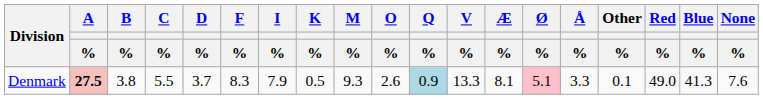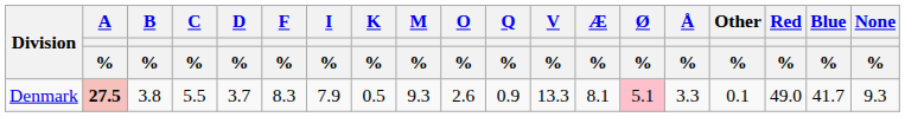 <table class="wikitable sortable" style="text-align:right; font-size:95%; line-height:20px;">
 <tr>
 <th rowspan="3">Division</th>
 <th width="30px" class="unsortable"><a href='#'>A</a></th>
 <th width="30px" class="unsortable"><a href='#'>B</a></th>
 <th width="30px" class="unsortable"><a href='#'>C</a></th>
 <th width="30px" class="unsortable"><a href='#'>D</a></th>
 <th width="30px" class="unsortable"><a href='#'>F</a></th>
 <th width="30px" class="unsortable"><a href='#'>I</a></th>
 <th width="30px" class="unsortable"><a href='#'>K</a></th>
 <th width="30px" class="unsortable"><a href='#'>M</a></th>
 <th width="30px" class="unsortable"><a href='#'>O</a></th>
 <th width="30px" class="unsortable"><a href='#'>Q</a></th>
 <th width="30px" class="unsortable"><a href='#'>V</a></th>
 <th width="30px" class="unsortable"><a href='#'>Æ</a></th>
 <th width="30px" class="unsortable"><a href='#'>Ø</a></th>
 <th width="30px" class="unsortable"><a href='#'>Å</a></th>
 <th width="30px" class="unsortable">Other</th>
 <th><a href='#'>Red</a></th>
 <th><a href='#'>Blue</a></th>
 <th><a href='#'>None</a></th>
 </tr>
 <tr>
 <th style="background:"></th>
 <th style="background:"></th>
 <th style="background:"></th>
 <th style="background:"></th>
 <th style="background:"></th>
 <th style="background:"></th>
 <th style="background:"></th>
 <th style="background:"></th>
 <th style="background:"></th>
 <th style="background:"></th>
 <th style="background:"></th>
 <th style="background:"></th>
 <th style="background:"></th>
 <th style="background:"></th>
 <th style="background:"></th>
 <th style="background:"></th>
 <th style="background:"></th>
 <th style="background:"></th>
 </tr>
 <tr>
 <th align="center" data-sort-type="number">%</th>
 <th align="center" data-sort-type="number">%</th>
 <th align="center" data-sort-type="number">%</th>
 <th align="center" data-sort-type="number">%</th>
 <th align="center" data-sort-type="number">%</th>
 <th align="center" data-sort-type="number">%</th>
 <th align="center" data-sort-type="number">%</th>
 <th align="center" data-sort-type="number">%</th>
 <th align="center" data-sort-type="number">%</th>
 <th align="center" data-sort-type="number">%</th>
 <th align="center" data-sort-type="number">%</th>
 <th align="center" data-sort-type="number">%</th>
 <th align="center" data-sort-type="number">%</th>
 <th align="center" data-sort-type="number">%</th>
 <th align="center" data-sort-type="number">%</th>
 <th align="center" data-sort-type="number">%</th>
 <th align="center" data-sort-type="number">%</th>
 <th align="center" data-sort-type="number">%</th>
 </tr>
 <tr>
 <td align="left"><a href='#'>Denmark</a></td>
 <td align="center" bgcolor=#f7c0bc><strong>27.5</strong></td>
 <td align="center">3.8</td>
 <td align="center">5.5</td>
 <td align="center">3.7</td>
 <td align="center">8.3</td>
 <td align="center">7.9</td>
 <td align="center">0.5</td>
 <td align="center">9.3</td>
 <td align="center">2.6</td>
-<td align="center" style="background: lightblue;">0.9</td>
+<td align="center">0.9</td>
 <td align="center">13.3</td>
 <td align="center">8.1</td>
 <td align="center" style="background: pink;">5.1</td>
 <td align="center">3.3</td>
 <td align="center">0.1</td>
 <td align="center">49.0</td>
-<td align="center">41.3</td>
-<td align="center">7.6</td>
+<td align="center">41.7</td>
+<td align="center">9.3</td>
 </tr>
 </table>
